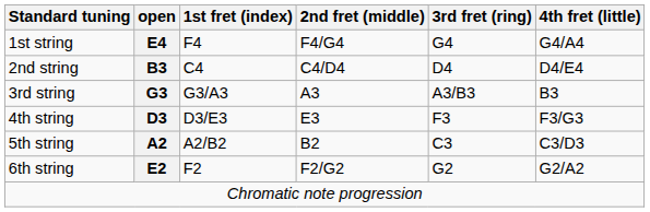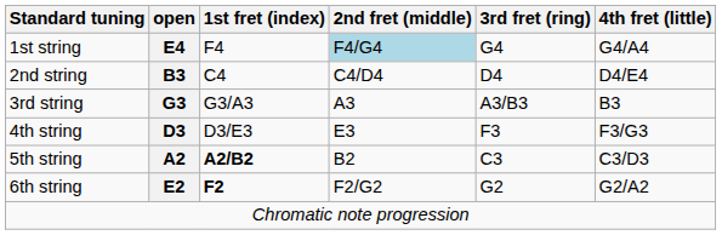 <table class="wikitable">
 <tr>
 <th>Standard tuning</th>
 <th>open</th>
 <th>1st fret (index)</th>
 <th>2nd fret (middle)</th>
 <th>3rd fret (ring)</th>
 <th>4th fret (little)</th>
 </tr>
 <tr>
 <td>1st string</td>
 <th>E4</th>
 <td>F4</td>
-<td>F4/G4</td>
+<td style="background: lightblue;">F4/G4</td>
 <td>G4</td>
 <td>G4/A4</td>
 </tr>
 <tr>
 <td>2nd string</td>
 <th>B3</th>
 <td>C4</td>
 <td>C4/D4</td>
 <td>D4</td>
 <td>D4/E4</td>
 </tr>
 <tr>
 <td>3rd string</td>
 <th>G3</th>
 <td>G3/A3</td>
 <td>A3</td>
 <td>A3/B3</td>
 <td>B3</td>
 </tr>
 <tr>
 <td>4th string</td>
 <th>D3</th>
 <td>D3/E3</td>
 <td>E3</td>
 <td>F3</td>
 <td>F3/G3</td>
 </tr>
 <tr>
 <td>5th string</td>
 <th>A2</th>
-<td>A2/B2</td>
+<td><strong>A2/B2</strong></td>
 <td>B2</td>
 <td>C3</td>
 <td>C3/D3</td>
 </tr>
 <tr>
 <td>6th string</td>
 <th>E2</th>
-<td>F2</td>
+<td><strong>F2</strong></td>
 <td>F2/G2</td>
 <td>G2</td>
 <td>G2/A2</td>
 </tr>
 <tr>
 <td align="center" colspan="6"><em>Chromatic note progression</em></td>
 </tr>
 </table>
